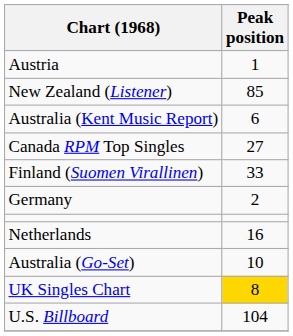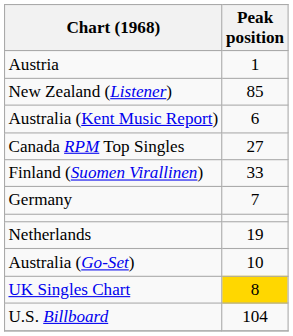 <table class="wikitable sortable">
 <tr>
 <th>Chart (1968)</th>
 <th>Peak<br>position</th>
 </tr>
 <tr>
 <td>Austria</td>
 <td style="text-align:center;">1</td>
 </tr>
 <tr>
 <td>New Zealand (<em><a href='#'>Listener</a></em>)</td>
 <td style="text-align:center;">85</td>
 </tr>
 <tr>
 <td>Australia (<a href='#'>Kent Music Report</a>)</td>
 <td style="text-align:center;">6</td>
 </tr>
 <tr>
 <td>Canada <em><a href='#'>RPM</a></em> Top Singles</td>
 <td style="text-align:center;">27</td>
 </tr>
 <tr>
 <td>Finland (<a href='#'><em>Suomen Virallinen</em></a>)</td>
 <td style="text-align:center;">33</td>
 </tr>
 <tr>
 <td>Germany</td>
-<td style="text-align:center;">2</td>
+<td style="text-align:center;">7</td>
 </tr>
 <tr>
 <td></td>
 </tr>
 <tr>
 <td>Netherlands</td>
-<td style="text-align:center;">16</td>
+<td style="text-align:center;">19</td>
 </tr>
 <tr>
 <td>Australia (<em><a href='#'>Go-Set</a></em>)</td>
 <td style="text-align:center;">10</td>
 </tr>
 <tr>
 <td><a href='#'>UK Singles Chart</a></td>
 <td style="background: gold; text-align:center;">8</td>
 </tr>
 <tr>
 <td>U.S. <em><a href='#'>Billboard</a></em> </td>
 <td style="text-align:center;">104</td>
 </tr>
 <tr>
 </tr>
 </table>
